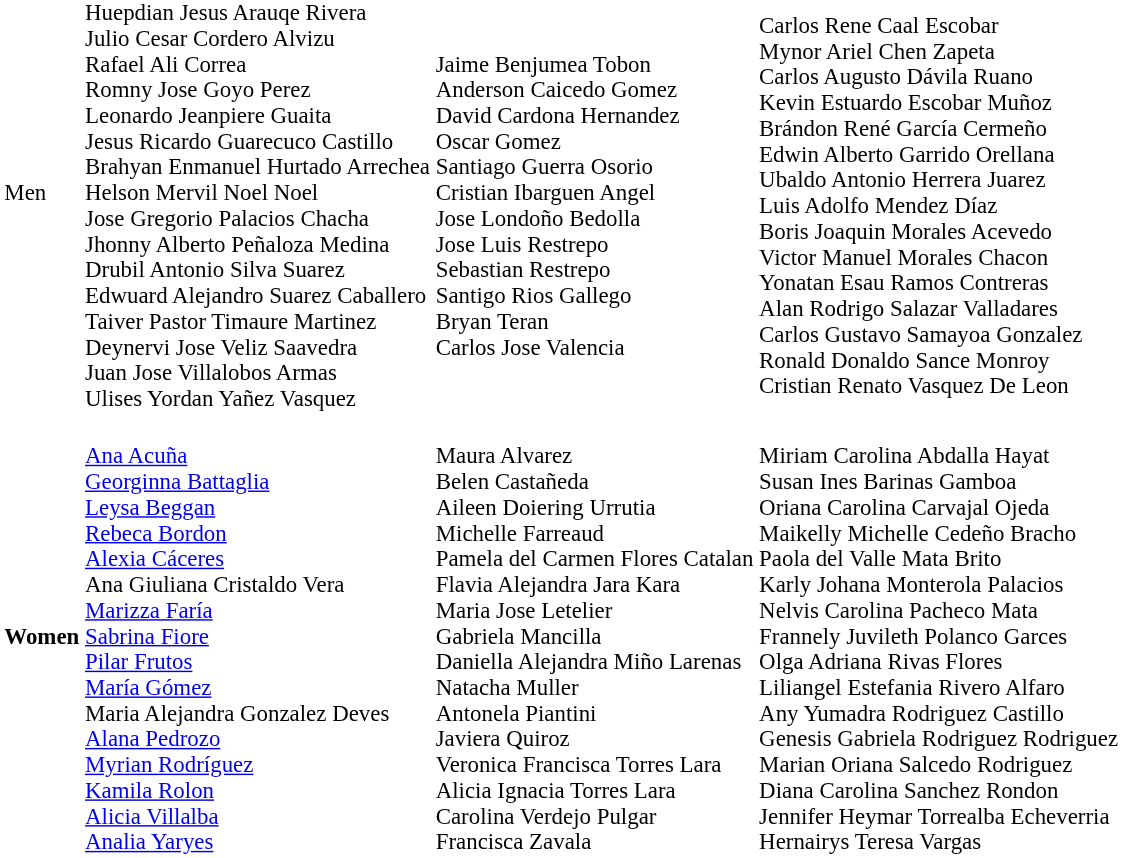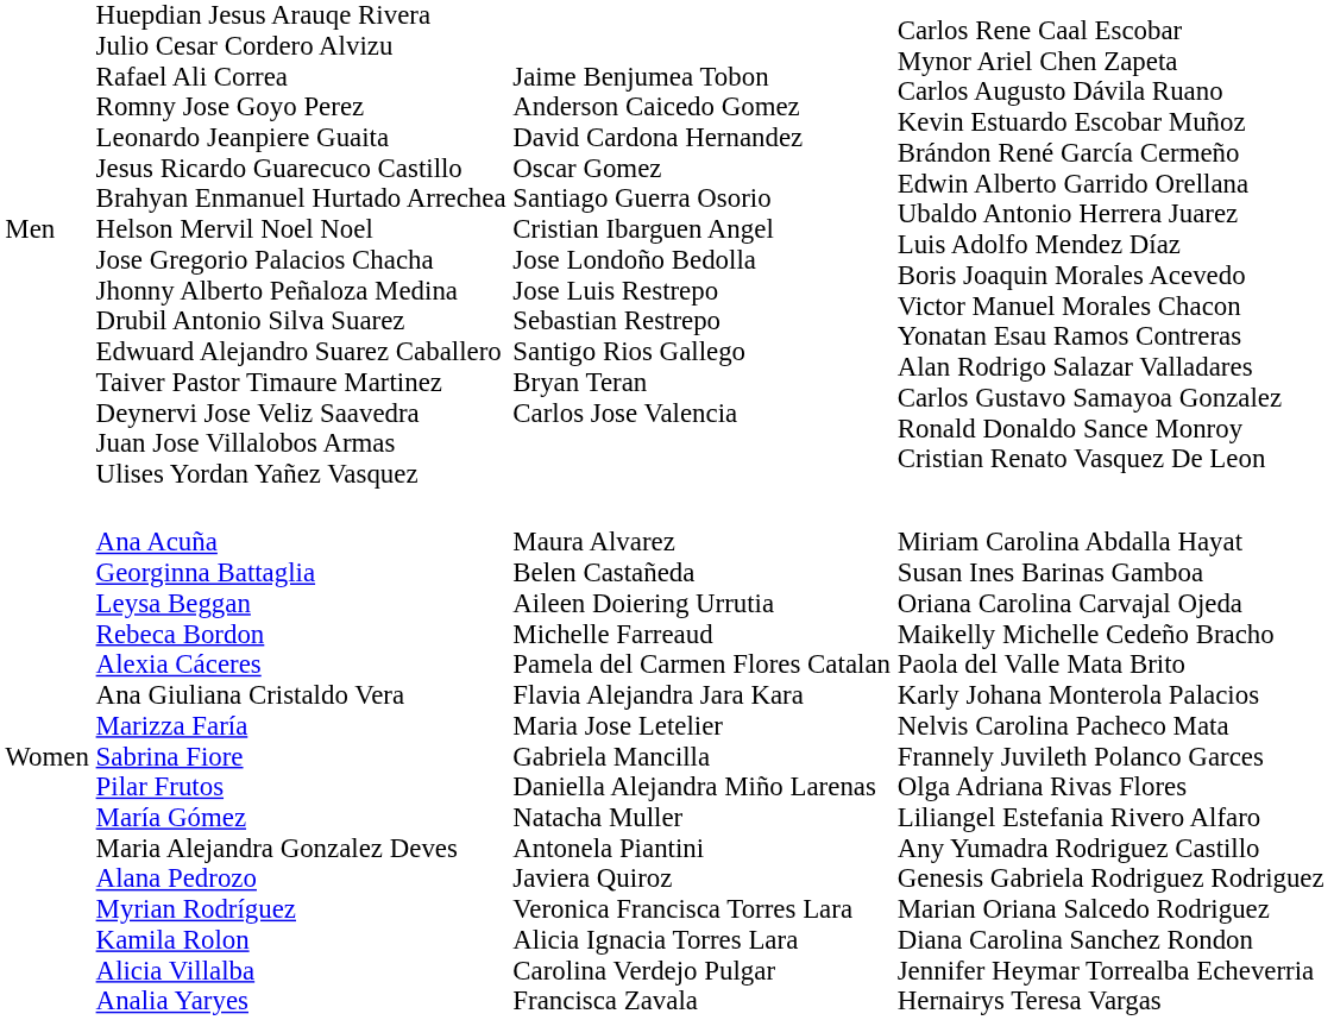 <table>
 <tr>
 <td>Men</td>
 <td><br>Huepdian Jesus Arauqe Rivera<br>Julio Cesar Cordero Alvizu<br>Rafael Ali Correa<br>Romny Jose Goyo Perez<br>Leonardo Jeanpiere Guaita<br>Jesus Ricardo Guarecuco Castillo<br>Brahyan Enmanuel Hurtado Arrechea<br>Helson Mervil Noel Noel<br>Jose Gregorio Palacios Chacha<br>Jhonny Alberto Peñaloza Medina<br>Drubil Antonio Silva Suarez<br>Edwuard Alejandro Suarez Caballero<br>Taiver Pastor Timaure Martinez<br>Deynervi Jose Veliz Saavedra<br>Juan Jose Villalobos Armas<br>Ulises Yordan Yañez Vasquez</td>
 <td><br>Jaime Benjumea Tobon<br>Anderson Caicedo Gomez<br>David Cardona Hernandez<br>Oscar Gomez<br>Santiago Guerra Osorio<br>Cristian Ibarguen Angel<br>Jose Londoño Bedolla<br>Jose Luis Restrepo<br>Sebastian Restrepo<br>Santigo Rios Gallego<br>Bryan Teran<br>Carlos Jose Valencia</td>
 <td><br>Carlos Rene Caal Escobar<br>Mynor Ariel Chen Zapeta<br>Carlos Augusto Dávila Ruano<br>Kevin Estuardo Escobar Muñoz<br>Brándon René García Cermeño<br>Edwin Alberto Garrido Orellana<br>Ubaldo Antonio Herrera Juarez<br>Luis Adolfo Mendez Díaz<br>Boris Joaquin Morales Acevedo<br>Victor Manuel Morales Chacon<br>Yonatan Esau Ramos Contreras<br>Alan Rodrigo Salazar Valladares<br>Carlos Gustavo Samayoa Gonzalez<br>Ronald Donaldo Sance Monroy<br>Cristian Renato Vasquez De Leon</td>
 </tr>
 <tr>
-<td><strong>Women</strong></td>
+<td>Women</td>
 <td><br><a href='#'>Ana Acuña</a><br><a href='#'>Georginna Battaglia</a><br><a href='#'>Leysa Beggan</a><br><a href='#'>Rebeca Bordon</a><br><a href='#'>Alexia Cáceres</a><br>Ana Giuliana Cristaldo Vera<br><a href='#'>Marizza Faría</a><br><a href='#'>Sabrina Fiore</a><br><a href='#'>Pilar Frutos</a><br><a href='#'>María Gómez</a><br>Maria Alejandra Gonzalez Deves<br><a href='#'>Alana Pedrozo</a><br><a href='#'>Myrian Rodríguez</a><br><a href='#'>Kamila Rolon</a><br><a href='#'>Alicia Villalba</a><br><a href='#'>Analia Yaryes</a></td>
 <td><br>Maura Alvarez<br>Belen Castañeda<br>Aileen Doiering Urrutia<br>Michelle Farreaud<br>Pamela del Carmen Flores Catalan<br>Flavia Alejandra Jara Kara<br>Maria Jose Letelier<br>Gabriela Mancilla<br>Daniella Alejandra Miño Larenas<br>Natacha Muller<br>Antonela Piantini<br>Javiera Quiroz<br>Veronica Francisca Torres Lara<br>Alicia Ignacia Torres Lara<br>Carolina Verdejo Pulgar<br>Francisca Zavala</td>
 <td><br>Miriam Carolina Abdalla Hayat<br>Susan Ines Barinas Gamboa<br>Oriana Carolina Carvajal Ojeda<br>Maikelly Michelle Cedeño Bracho<br>Paola del Valle Mata Brito<br>Karly Johana Monterola Palacios<br>Nelvis Carolina Pacheco Mata<br>Frannely Juvileth Polanco Garces<br>Olga Adriana Rivas Flores<br>Liliangel Estefania Rivero Alfaro<br>Any Yumadra Rodriguez Castillo<br>Genesis Gabriela Rodriguez Rodriguez<br>Marian Oriana Salcedo Rodriguez<br>Diana Carolina Sanchez Rondon<br>Jennifer Heymar Torrealba Echeverria<br>Hernairys Teresa Vargas</td>
 </tr>
 </table>
